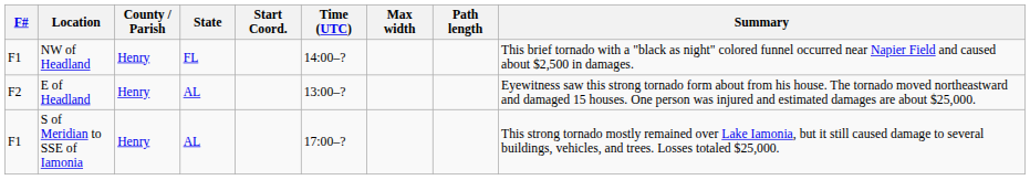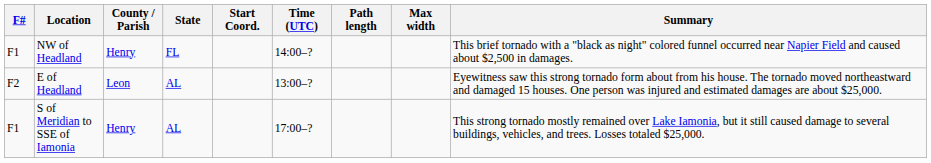 <table class="wikitable sortable" style="width:100%;">
 <tr>
 <th scope="col"  style="width:3%; text-align:center;"><a href='#'>F#</a></th>
 <th scope="col"  style="width:7%; text-align:center;" class="unsortable">Location</th>
 <th scope="col"  style="width:6%; text-align:center;" class="unsortable">County / Parish</th>
 <th scope="col"  style="width:5%; text-align:center;">State</th>
 <th scope="col"  style="width:6%; text-align:center;">Start Coord.</th>
 <th scope="col"  style="width:6%; text-align:center;">Time (<a href='#'>UTC</a>)</th>
+<th scope="col"  style="width:6%; text-align:center;">Path length</th>
 <th scope="col"  style="width:6%; text-align:center;">Max width</th>
-<th scope="col"  style="width:6%; text-align:center;">Path length</th>
 <th scope="col" class="unsortable" style="width:48%; text-align:center;">Summary</th>
 </tr>
 <tr>
 <td>F1</td>
 <td>NW of <a href='#'>Headland</a></td>
 <td><a href='#'>Henry</a></td>
 <td><a href='#'>FL</a></td>
 <td></td>
 <td>14:00–?</td>
 <td></td>
 <td></td>
 <td>This brief tornado with a "black as night" colored funnel occurred near <a href='#'>Napier Field</a> and caused about $2,500 in damages.</td>
 </tr>
 <tr>
 <td>F2</td>
 <td>E of <a href='#'>Headland</a></td>
-<td><a href='#'>Henry</a></td>
+<td><a href='#'>Leon</a></td>
 <td><a href='#'>AL</a></td>
 <td></td>
 <td>13:00–?</td>
 <td></td>
 <td></td>
 <td>Eyewitness saw this strong tornado form about  from his house. The tornado moved northeastward and damaged 15 houses. One person was injured and estimated damages are about $25,000.</td>
 </tr>
 <tr>
 <td>F1</td>
 <td>S of <a href='#'>Meridian</a> to SSE of <a href='#'>Iamonia</a></td>
 <td><a href='#'>Henry</a></td>
 <td><a href='#'>AL</a></td>
 <td></td>
 <td>17:00–?</td>
 <td></td>
 <td></td>
 <td>This strong tornado mostly remained over <a href='#'>Lake Iamonia</a>, but it still caused damage to several buildings, vehicles, and trees. Losses totaled $25,000.</td>
 </tr>
 </table>
